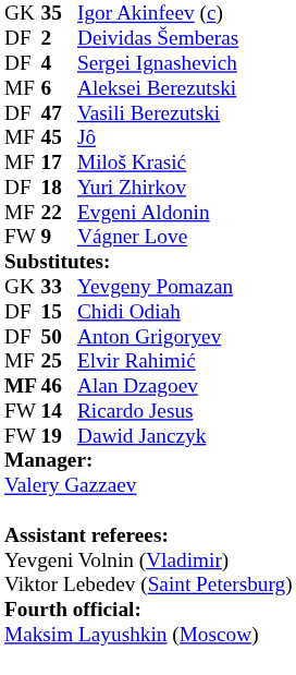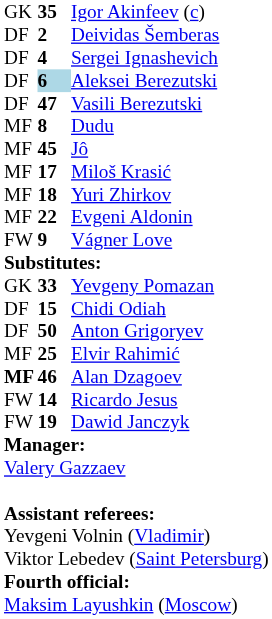 <table style="font-size: 90%" cellspacing="0" cellpadding="0">
 <tr>
 <td colspan="4"></td>
 </tr>
 <tr>
 <th width=25></th>
 <th width=25></th>
 </tr>
 <tr>
 <td>GK</td>
 <td><strong>35</strong></td>
 <td> <a href='#'>Igor Akinfeev</a> (<a href='#'>c</a>)</td>
 </tr>
 <tr>
 <td>DF</td>
 <td><strong>2</strong></td>
 <td> <a href='#'>Deividas Šemberas</a></td>
 </tr>
 <tr>
 <td>DF</td>
 <td><strong>4</strong></td>
 <td> <a href='#'>Sergei Ignashevich</a></td>
 <td></td>
 </tr>
 <tr>
-<td>MF</td>
-<td><strong>6</strong></td>
+<td>DF</td>
+<td style="background: lightblue;"><strong>6</strong></td>
 <td> <a href='#'>Aleksei Berezutski</a></td>
 </tr>
 <tr>
 <td>DF</td>
 <td><strong>47</strong></td>
 <td> <a href='#'>Vasili Berezutski</a></td>
+</tr>
+<tr>
+<td>MF</td>
+<td><strong>8</strong></td>
+<td> <a href='#'>Dudu</a></td>
+<td></td>
+<td></td>
 </tr>
 <tr>
 <td>MF</td>
 <td><strong>45</strong></td>
 <td> <a href='#'>Jô</a></td>
 </tr>
 <tr>
 <td>MF</td>
 <td><strong>17</strong></td>
 <td> <a href='#'>Miloš Krasić</a></td>
 <td></td>
 </tr>
 <tr>
-<td>DF</td>
+<td>MF</td>
 <td><strong>18</strong></td>
 <td> <a href='#'>Yuri Zhirkov</a></td>
 <td></td>
 </tr>
 <tr>
 <td>MF</td>
 <td><strong>22</strong></td>
 <td> <a href='#'>Evgeni Aldonin</a></td>
 <td></td>
 </tr>
 <tr>
 <td>FW</td>
 <td><strong>9</strong></td>
 <td> <a href='#'>Vágner Love</a></td>
 </tr>
 <tr>
 <td colspan=3><strong>Substitutes:</strong></td>
 </tr>
 <tr>
 <td>GK</td>
 <td><strong>33</strong></td>
 <td> <a href='#'>Yevgeny Pomazan</a></td>
 </tr>
 <tr>
 <td>DF</td>
 <td><strong>15</strong></td>
 <td> <a href='#'>Chidi Odiah</a></td>
 </tr>
 <tr>
 <td>DF</td>
 <td><strong>50</strong></td>
 <td> <a href='#'>Anton Grigoryev</a></td>
 </tr>
 <tr>
 <td>MF</td>
 <td><strong>25</strong></td>
 <td> <a href='#'>Elvir Rahimić</a></td>
 <td></td>
 </tr>
 <tr>
 <td><strong>MF</strong></td>
 <td><strong>46</strong></td>
 <td> <a href='#'>Alan Dzagoev</a></td>
 <td></td>
 </tr>
 <tr>
 <td>FW</td>
 <td><strong>14</strong></td>
 <td> <a href='#'>Ricardo Jesus</a></td>
 </tr>
 <tr>
 <td>FW</td>
 <td><strong>19</strong></td>
 <td> <a href='#'>Dawid Janczyk</a></td>
 <td></td>
 </tr>
 <tr>
 <td colspan=3><strong>Manager:</strong></td>
 </tr>
 <tr>
 <td colspan=4> <a href='#'>Valery Gazzaev</a><br><br><strong>Assistant referees:</strong><br>Yevgeni Volnin (<a href='#'>Vladimir</a>)<br>Viktor Lebedev (<a href='#'>Saint Petersburg</a>) <br><strong>Fourth official:</strong><br><a href='#'>Maksim Layushkin</a> (<a href='#'>Moscow</a>)</td>
 </tr>
 </table>
